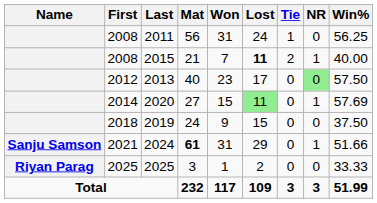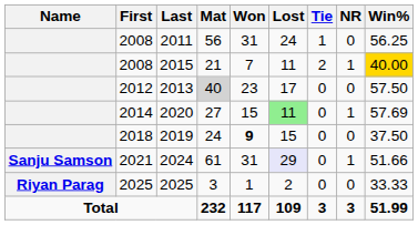 <table class="wikitable plainrowheaders sortable">
 <tr>
 <th scope="col">Name</th>
 <th scope="col">First</th>
 <th scope="col">Last</th>
 <th scope="col">Mat</th>
 <th scope="col">Won</th>
 <th scope="col">Lost</th>
 <th scope="col"><a href='#'>Tie</a></th>
 <th scope="col">NR</th>
 <th scope="col">Win%</th>
 </tr>
 <tr align=center>
 <th scope="row"></th>
 <td>2008</td>
 <td>2011</td>
 <td>56</td>
 <td>31</td>
 <td>24</td>
 <td>1</td>
 <td>0</td>
 <td>56.25</td>
 </tr>
 <tr align=center>
 <th scope="row"></th>
 <td>2008</td>
 <td>2015</td>
 <td>21</td>
 <td>7</td>
-<td><strong>11</strong></td>
+<td>11</td>
 <td>2</td>
 <td>1</td>
-<td>40.00</td>
+<td style="background: gold;">40.00</td>
 </tr>
 <tr align=center>
 <th scope="row"></th>
 <td>2012</td>
 <td>2013</td>
-<td>40</td>
+<td style="background: lightgrey;">40</td>
 <td>23</td>
 <td>17</td>
 <td>0</td>
-<td style="background: lightgreen;">0</td>
+<td>0</td>
 <td>57.50</td>
 </tr>
 <tr align=center>
 <th scope="row"></th>
 <td>2014</td>
 <td>2020</td>
 <td>27</td>
 <td>15</td>
 <td style="background: lightgreen;">11</td>
 <td>0</td>
 <td>1</td>
 <td>57.69</td>
 </tr>
 <tr align=center>
 <th - scope="row"></th>
 <td>2018</td>
 <td>2019</td>
 <td>24</td>
-<td>9</td>
+<td><strong>9</strong></td>
 <td>15</td>
 <td>0</td>
 <td>0</td>
 <td>37.50</td>
 </tr>
 <tr align=center>
 <th - scope="row"><a href='#'>Sanju Samson</a></th>
 <td>2021</td>
 <td>2024</td>
-<td><strong>61</strong></td>
+<td>61</td>
 <td>31</td>
-<td>29</td>
+<td style="background: lavender;">29</td>
 <td>0</td>
 <td>1</td>
 <td>51.66</td>
 </tr>
 <tr align=center>
 <th - scope="row"><a href='#'>Riyan Parag</a></th>
 <td>2025</td>
 <td>2025</td>
 <td>3</td>
 <td>1</td>
 <td>2</td>
 <td>0</td>
 <td>0</td>
 <td>33.33</td>
 </tr>
 <tr class="sortbottom" style="text-align:center;">
 <td colspan=3><strong>Total</strong></td>
 <td><strong>232</strong></td>
 <td><strong>117</strong></td>
 <td><strong>109</strong></td>
 <td><strong>3</strong></td>
 <td><strong>3</strong></td>
 <td><strong>51.99</strong></td>
 </tr>
 </table>
